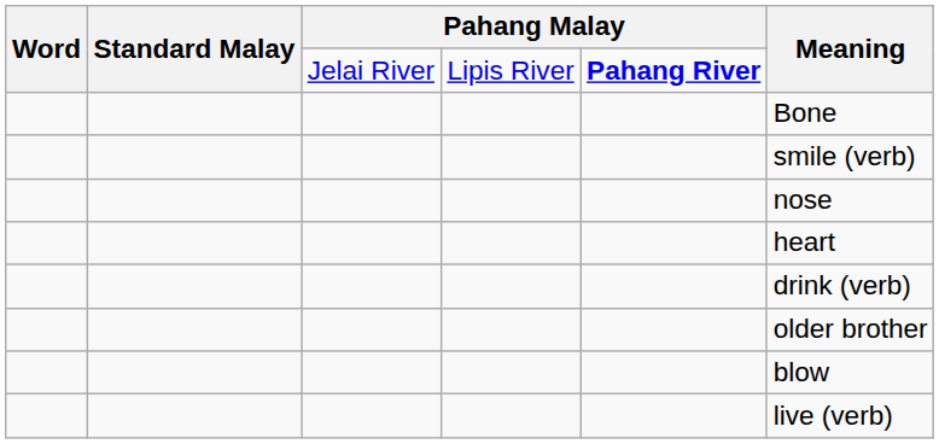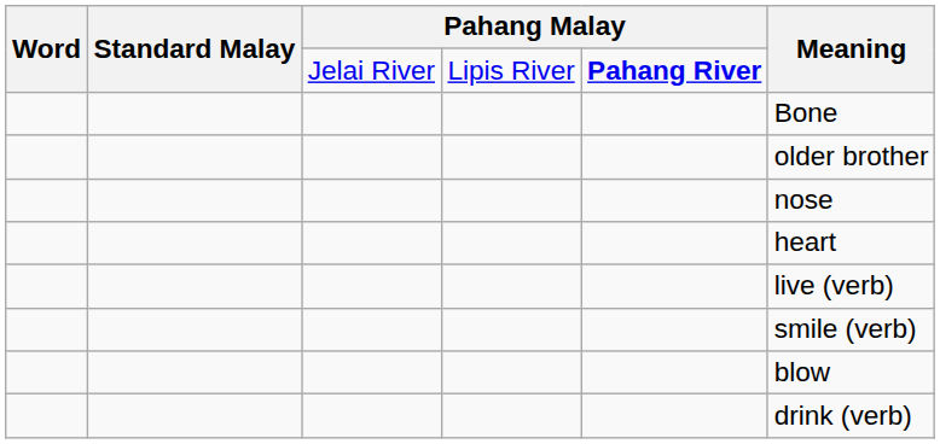 <table class="wikitable">
 <tr>
 <th rowspan="2" style="text-align: center;">Word</th>
 <th rowspan="2" style="text-align: center;">Standard Malay</th>
 <th colspan="3" style="text-align: center;">Pahang Malay</th>
 <th rowspan="2" style="text-align: center;">Meaning</th>
 </tr>
 <tr>
 <td><a href='#'>Jelai River</a></td>
 <td><a href='#'>Lipis River</a></td>
 <td><strong><a href='#'>Pahang River</a></strong></td>
 </tr>
 <tr>
 <td></td>
 <td></td>
 <td></td>
 <td></td>
 <td></td>
 <td>Bone</td>
 </tr>
 <tr>
 <td></td>
 <td></td>
 <td></td>
 <td></td>
 <td></td>
-<td>smile (verb)</td>
+<td>older brother</td>
 </tr>
 <tr>
 <td></td>
 <td></td>
 <td></td>
 <td></td>
 <td></td>
 <td>nose</td>
 </tr>
 <tr>
 <td></td>
 <td></td>
 <td></td>
 <td></td>
 <td></td>
 <td>heart</td>
 </tr>
 <tr>
 <td></td>
 <td></td>
 <td></td>
 <td></td>
 <td></td>
-<td>drink (verb)</td>
+<td>live (verb)</td>
 </tr>
 <tr>
 <td></td>
 <td></td>
 <td></td>
 <td></td>
 <td></td>
-<td>older brother</td>
+<td>smile (verb)</td>
 </tr>
 <tr>
 <td></td>
 <td></td>
 <td></td>
 <td></td>
 <td></td>
 <td>blow</td>
 </tr>
 <tr>
 <td></td>
 <td></td>
 <td></td>
 <td></td>
 <td></td>
-<td>live (verb)</td>
+<td>drink (verb)</td>
 </tr>
 </table>
